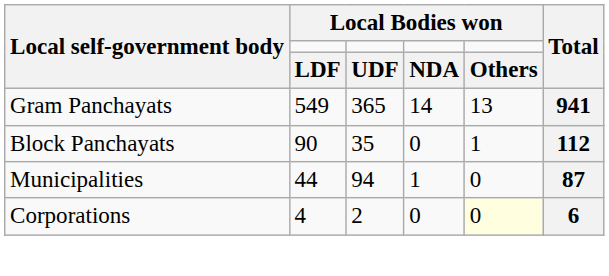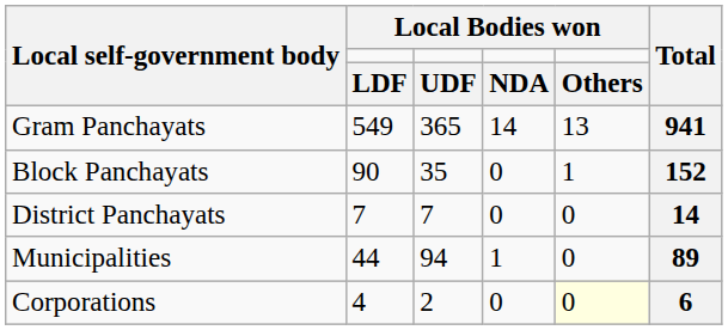 <table class="wikitable">
 <tr>
 <th rowspan="3">Local self-government body</th>
 <th colspan="4">Local Bodies won</th>
 <th rowspan="3">Total</th>
 </tr>
 <tr>
 <td style="background:"></td>
 <td style="background:"></td>
 <td style="background:"></td>
 <td style="background:"></td>
 </tr>
 <tr>
 <th>LDF</th>
 <th>UDF</th>
 <th>NDA</th>
 <th>Others</th>
 </tr>
 <tr>
 <td>Gram Panchayats</td>
 <td>549</td>
 <td>365</td>
 <td>14</td>
 <td>13</td>
 <th>941</th>
 </tr>
 <tr>
 <td>Block Panchayats</td>
 <td>90</td>
 <td>35</td>
 <td>0</td>
 <td>1</td>
-<th>112</th>
+<th>152</th>
+</tr>
+<tr>
+<td>District Panchayats</td>
+<td>7</td>
+<td>7</td>
+<td>0</td>
+<td>0</td>
+<th>14</th>
 </tr>
 <tr>
 <td>Municipalities</td>
 <td>44</td>
 <td>94</td>
 <td>1</td>
 <td>0</td>
-<th>87</th>
+<th>89</th>
 </tr>
 <tr>
 <td>Corporations</td>
 <td>4</td>
 <td>2</td>
 <td>0</td>
 <td style="background: lightyellow;">0</td>
 <th>6</th>
 </tr>
 </table>
